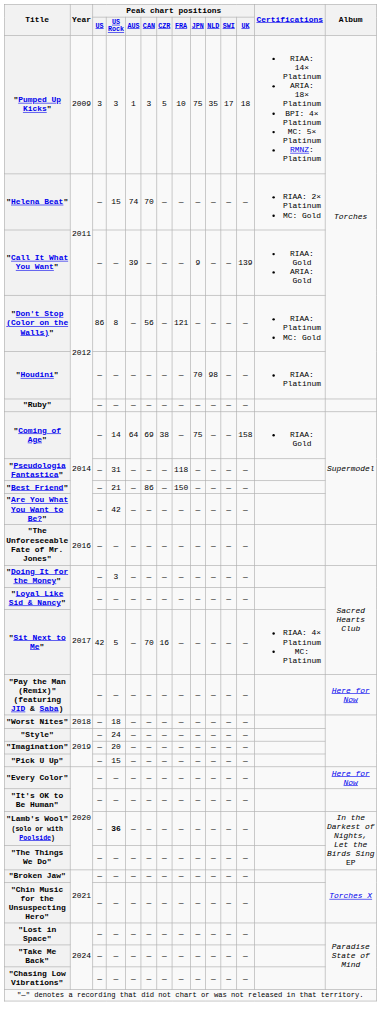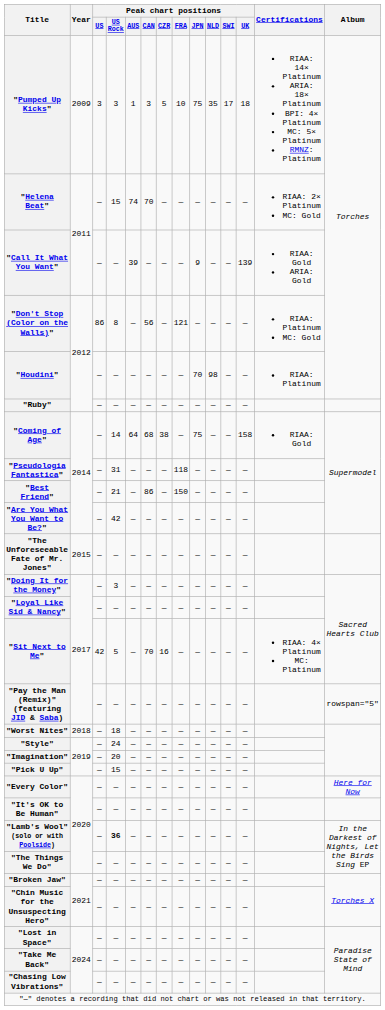 <table class="wikitable plainrowheaders" style="text-align:center;">
 <tr>
 <th scope="col" rowspan="2" style="width:19em;">Title</th>
 <th scope="col" rowspan="2">Year</th>
 <th scope="col" colspan="10">Peak chart positions</th>
 <th scope="col" rowspan="2" style="width:12em;"><a href='#'>Certifications</a></th>
 <th scope="col" rowspan="2">Album</th>
 </tr>
 <tr>
 <th scope="col" style="width:3em;font-size:85%;"><a href='#'>US</a><br></th>
 <th scope="col" style="width:3em;font-size:85%;"><a href='#'>US<br>Rock</a><br></th>
 <th scope="col" style="width:3em;font-size:85%;"><a href='#'>AUS</a><br></th>
 <th scope="col" style="width:3em;font-size:85%;"><a href='#'>CAN</a><br></th>
 <th scope="col" style="width:3em;font-size:85%;"><a href='#'>CZR</a><br></th>
 <th scope="col" style="width:3em;font-size:85%;"><a href='#'>FRA</a><br></th>
 <th scope="col" style="width:3em;font-size:85%;"><a href='#'>JPN</a><br></th>
 <th scope="col" style="width:3em;font-size:85%;"><a href='#'>NLD</a><br></th>
 <th scope="col" style="width:3em;font-size:85%;"><a href='#'>SWI</a><br></th>
 <th scope="col" style="width:3em;font-size:85%;"><a href='#'>UK</a><br></th>
 </tr>
 <tr>
 <th scope="row">"<a href='#'>Pumped Up Kicks</a>"</th>
 <td>2009</td>
 <td>3</td>
 <td>3</td>
 <td>1</td>
 <td>3</td>
 <td>5</td>
 <td>10</td>
 <td>75</td>
 <td>35</td>
 <td>17</td>
 <td>18</td>
 <td><br><ul><li>RIAA: 14× Platinum</li><li>ARIA: 18× Platinum</li><li>BPI: 4× Platinum</li><li>MC: 5× Platinum</li><li><a href='#'>RMNZ</a>: Platinum</li></ul></td>
 <td rowspan="5"><em>Torches</em></td>
 </tr>
 <tr>
 <th scope="row">"<a href='#'>Helena Beat</a>"</th>
 <td rowspan="2">2011</td>
 <td>—</td>
 <td>15</td>
 <td>74</td>
 <td>70</td>
 <td>—</td>
 <td>—</td>
 <td>—</td>
 <td>—</td>
 <td>—</td>
 <td>—</td>
 <td><br><ul><li>RIAA: 2× Platinum</li><li>MC: Gold</li></ul></td>
 </tr>
 <tr>
 <th scope="row">"<a href='#'>Call It What You Want</a>"</th>
 <td>—</td>
 <td>—</td>
 <td>39</td>
 <td>—</td>
 <td>—</td>
 <td>—</td>
 <td>9</td>
 <td>—</td>
 <td>—</td>
 <td>139</td>
 <td><br><ul><li>RIAA: Gold</li><li>ARIA: Gold</li></ul></td>
 </tr>
 <tr>
 <th scope="row">"<a href='#'>Don't Stop (Color on the Walls)</a>"</th>
 <td rowspan="3">2012</td>
 <td>86</td>
 <td>8</td>
 <td>—</td>
 <td>56</td>
 <td>—</td>
 <td>121</td>
 <td>—</td>
 <td>—</td>
 <td>—</td>
 <td>—</td>
 <td><br><ul><li>RIAA: Platinum</li><li>MC: Gold</li></ul></td>
 </tr>
 <tr>
 <th scope="row">"<a href='#'>Houdini</a>"</th>
 <td>—</td>
 <td>—</td>
 <td>—</td>
 <td>—</td>
 <td>—</td>
 <td>—</td>
 <td>70</td>
 <td>98</td>
 <td>—</td>
 <td>—</td>
 <td><br><ul><li>RIAA: Platinum</li></ul></td>
 </tr>
 <tr>
 <th scope="row">"Ruby"</th>
 <td>—</td>
 <td>—</td>
 <td>—</td>
 <td>—</td>
 <td>—</td>
 <td>—</td>
 <td>—</td>
 <td>—</td>
 <td>—</td>
 <td>—</td>
 <td></td>
 <td></td>
 </tr>
 <tr>
 <th scope="row">"<a href='#'>Coming of Age</a>"</th>
 <td rowspan="4">2014</td>
 <td>—</td>
 <td>14</td>
 <td>64</td>
-<td>69</td>
+<td>68</td>
 <td>38</td>
 <td>—</td>
 <td>75</td>
 <td>—</td>
 <td>—</td>
 <td>158</td>
 <td><br><ul><li>RIAA: Gold</li></ul></td>
 <td rowspan="4"><em>Supermodel</em></td>
 </tr>
 <tr>
 <th scope="row">"<a href='#'>Pseudologia Fantastica</a>"</th>
 <td>—</td>
 <td>31</td>
 <td>—</td>
 <td>—</td>
 <td>—</td>
 <td>118</td>
 <td>—</td>
 <td>—</td>
 <td>—</td>
 <td>—</td>
 <td></td>
 </tr>
 <tr>
 <th scope="row">"<a href='#'>Best Friend</a>"</th>
 <td>—</td>
 <td>21</td>
 <td>—</td>
 <td>86</td>
 <td>—</td>
 <td>150</td>
 <td>—</td>
 <td>—</td>
 <td>—</td>
 <td>—</td>
 <td></td>
 </tr>
 <tr>
 <th scope="row">"<a href='#'>Are You What You Want to Be?</a>"</th>
 <td>—</td>
 <td>42</td>
 <td>—</td>
 <td>—</td>
 <td>—</td>
 <td>—</td>
 <td>—</td>
 <td>—</td>
 <td>—</td>
 <td>—</td>
 <td></td>
 </tr>
 <tr>
 <th scope="row">"The Unforeseeable Fate of Mr. Jones"</th>
-<td>2016</td>
+<td>2015</td>
 <td>—</td>
 <td>—</td>
 <td>—</td>
 <td>—</td>
 <td>—</td>
 <td>—</td>
 <td>—</td>
 <td>—</td>
 <td>—</td>
 <td>—</td>
 <td></td>
 <td></td>
 </tr>
 <tr>
 <th scope="row">"<a href='#'>Doing It for the Money</a>"</th>
 <td rowspan="4">2017</td>
 <td>—</td>
 <td>3</td>
 <td>—</td>
 <td>—</td>
 <td>—</td>
 <td>—</td>
 <td>—</td>
 <td>—</td>
 <td>—</td>
 <td>—</td>
 <td></td>
 <td rowspan="3"><em>Sacred Hearts Club</em></td>
 </tr>
 <tr>
 <th scope="row">"<a href='#'>Loyal Like Sid & Nancy</a>"</th>
 <td>—</td>
 <td>—</td>
 <td>—</td>
 <td>—</td>
 <td>—</td>
 <td>—</td>
 <td>—</td>
 <td>—</td>
 <td>—</td>
 <td>—</td>
 <td></td>
 </tr>
 <tr>
 <th scope="row">"<a href='#'>Sit Next to Me</a>"</th>
 <td>42</td>
 <td>5</td>
 <td>—</td>
 <td>70</td>
 <td>16</td>
 <td>—</td>
 <td>—</td>
 <td>—</td>
 <td>—</td>
 <td>—</td>
 <td><br><ul><li>RIAA: 4× Platinum</li><li>MC: Platinum</li></ul></td>
 </tr>
 <tr>
 <th scope="row">"Pay the Man (Remix)"<br><span>(featuring <a href='#'>JID</a> & <a href='#'>Saba</a>)</span></th>
 <td>—</td>
 <td>—</td>
 <td>—</td>
 <td>—</td>
 <td>—</td>
 <td>—</td>
 <td>—</td>
 <td>—</td>
 <td>—</td>
 <td>—</td>
 <td></td>
-<td><em><a href='#'>Here for Now</a></em></td>
+<td>rowspan="5" </td>
 </tr>
 <tr>
 <th scope="row">"Worst Nites"</th>
 <td>2018</td>
 <td>—</td>
 <td>18</td>
 <td>—</td>
 <td>—</td>
 <td>—</td>
 <td>—</td>
 <td>—</td>
 <td>—</td>
 <td>—</td>
 <td>—</td>
 <td></td>
 </tr>
 <tr>
 <th scope="row">"Style"</th>
 <td rowspan="3">2019</td>
 <td>—</td>
 <td>24</td>
 <td>—</td>
 <td>—</td>
 <td>—</td>
 <td>—</td>
 <td>—</td>
 <td>—</td>
 <td>—</td>
 <td>—</td>
 <td></td>
 </tr>
 <tr>
 <th scope="row">"Imagination"</th>
 <td>—</td>
 <td>20</td>
 <td>—</td>
 <td>—</td>
 <td>—</td>
 <td>—</td>
 <td>—</td>
 <td>—</td>
 <td>—</td>
 <td>—</td>
 <td></td>
 </tr>
 <tr>
 <th scope="row">"Pick U Up"</th>
 <td>—</td>
 <td>15</td>
 <td>—</td>
 <td>—</td>
 <td>—</td>
 <td>—</td>
 <td>—</td>
 <td>—</td>
 <td>—</td>
 <td>—</td>
 <td></td>
 </tr>
 <tr>
 <th scope="row">"Every Color"<br></th>
 <td rowspan="4">2020</td>
 <td>—</td>
 <td>—</td>
 <td>—</td>
 <td>—</td>
 <td>—</td>
 <td>—</td>
 <td>—</td>
 <td>—</td>
 <td>—</td>
 <td>—</td>
 <td></td>
 <td><em><a href='#'>Here for Now</a></em></td>
 </tr>
 <tr>
 <th scope="row">"It's OK to Be Human"</th>
 <td>—</td>
 <td>—</td>
 <td>—</td>
 <td>—</td>
 <td>—</td>
 <td>—</td>
 <td>—</td>
 <td>—</td>
 <td>—</td>
 <td>—</td>
 <td></td>
 <td></td>
 </tr>
 <tr>
 <th scope="row">"Lamb's Wool"<br><small>(solo or with <a href='#'>Poolside</a>)</small></th>
 <td>—</td>
 <td><strong>36</strong></td>
 <td>—</td>
 <td>—</td>
 <td>—</td>
 <td>—</td>
 <td>—</td>
 <td>—</td>
 <td>—</td>
 <td>—</td>
 <td></td>
 <td rowspan="2"><em>In the Darkest of Nights, Let the Birds Sing</em> EP</td>
 </tr>
 <tr>
 <th scope="row">"The Things We Do"</th>
 <td>—</td>
 <td>—</td>
 <td>—</td>
 <td>—</td>
 <td>—</td>
 <td>—</td>
 <td>—</td>
 <td>—</td>
 <td>—</td>
 <td>—</td>
 <td></td>
 </tr>
 <tr>
 <th scope="row">"Broken Jaw"</th>
 <td rowspan="2">2021</td>
 <td>—</td>
 <td>—</td>
 <td>—</td>
 <td>—</td>
 <td>—</td>
 <td>—</td>
 <td>—</td>
 <td>—</td>
 <td>—</td>
 <td>—</td>
 <td></td>
 <td rowspan="2"><em><a href='#'>Torches X</a></em></td>
 </tr>
 <tr>
 <th scope="row">"Chin Music for the Unsuspecting Hero"</th>
 <td>—</td>
 <td>—</td>
 <td>—</td>
 <td>—</td>
 <td>—</td>
 <td>—</td>
 <td>—</td>
 <td>—</td>
 <td>—</td>
 <td>—</td>
 <td></td>
 </tr>
 <tr>
 <th scope="row">"Lost in Space"</th>
 <td rowspan="3">2024</td>
 <td>—</td>
 <td>—</td>
 <td>—</td>
 <td>—</td>
 <td>—</td>
 <td>—</td>
 <td>—</td>
 <td>—</td>
 <td>—</td>
 <td>—</td>
 <td></td>
 <td rowspan="3"><em>Paradise State of Mind</em></td>
 </tr>
 <tr>
 <th scope="row">"Take Me Back"</th>
 <td>—</td>
 <td>—</td>
 <td>—</td>
 <td>—</td>
 <td>—</td>
 <td>—</td>
 <td>—</td>
 <td>—</td>
 <td>—</td>
 <td>—</td>
 <td></td>
 </tr>
 <tr>
 <th scope="row">"Chasing Low Vibrations"</th>
 <td>—</td>
 <td>—</td>
 <td>—</td>
 <td>—</td>
 <td>—</td>
 <td>—</td>
 <td>—</td>
 <td>—</td>
 <td>—</td>
 <td>—</td>
 <td></td>
 </tr>
 <tr>
 <td colspan="17" style="font-size:90%">"—" denotes a recording that did not chart or was not released in that territory.</td>
 </tr>
 </table>
